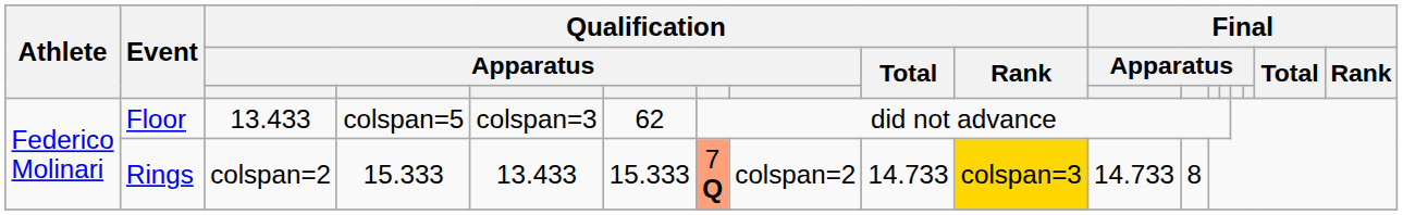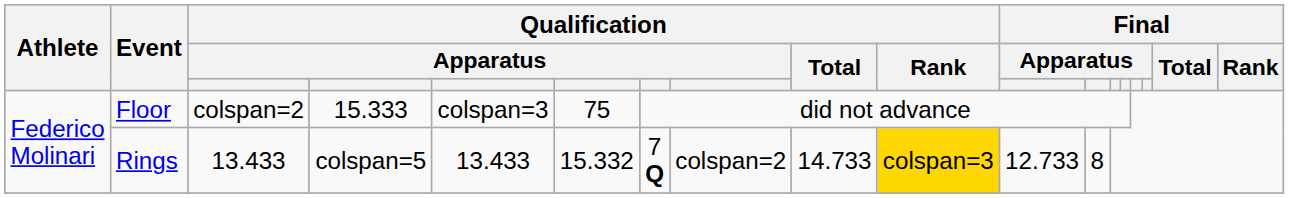 <table class="wikitable" style="font-size:90%">
 <tr>
 <th rowspan=3>Athlete</th>
 <th rowspan=3>Event</th>
 <th colspan =8>Qualification</th>
 <th colspan =8>Final</th>
 </tr>
 <tr style="font-size:95%">
 <th colspan=6>Apparatus</th>
 <th rowspan=2>Total</th>
 <th rowspan=2>Rank</th>
 <th colspan=6>Apparatus</th>
 <th rowspan=2>Total</th>
 <th rowspan=2>Rank</th>
 </tr>
 <tr style="font-size:95%">
 <th></th>
 <th></th>
 <th></th>
 <th></th>
 <th></th>
 <th></th>
 <th></th>
 <th></th>
 <th></th>
 <th></th>
 <th></th>
 <th></th>
 </tr>
 <tr align=center>
 <td align=left rowspan=2><a href='#'>Federico Molinari</a></td>
 <td align=left><a href='#'>Floor</a></td>
-<td>13.433</td>
-<td>colspan=5 </td>
+<td>colspan=2 </td>
+<td>15.333</td>
 <td>colspan=3 </td>
-<td>62</td>
+<td>75</td>
 <td colspan=8>did not advance</td>
 </tr>
 <tr align=center>
 <td align=left><a href='#'>Rings</a></td>
-<td>colspan=2 </td>
-<td>15.333</td>
 <td>13.433</td>
-<td>15.333</td>
-<td style="background: lightsalmon;">7 <strong>Q</strong></td>
+<td>colspan=5 </td>
+<td>13.433</td>
+<td>15.332</td>
+<td>7 <strong>Q</strong></td>
 <td>colspan=2 </td>
 <td>14.733</td>
 <td style="background: gold;">colspan=3 </td>
-<td>14.733</td>
+<td>12.733</td>
 <td>8</td>
 </tr>
 </table>
